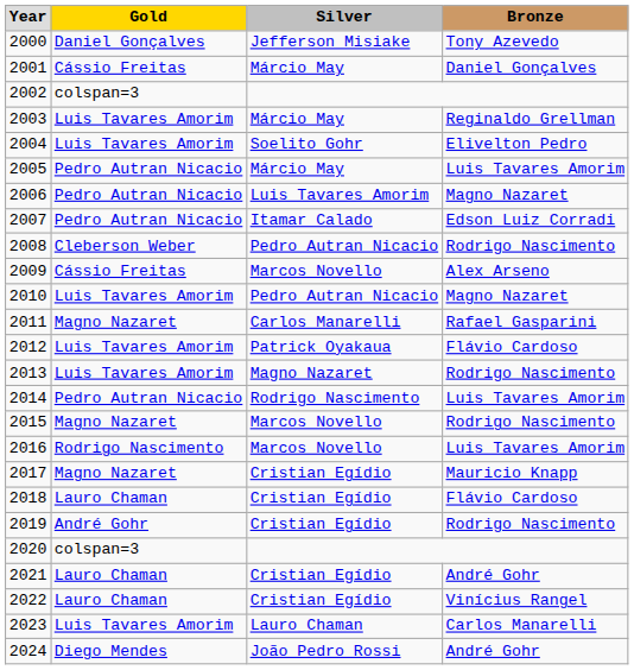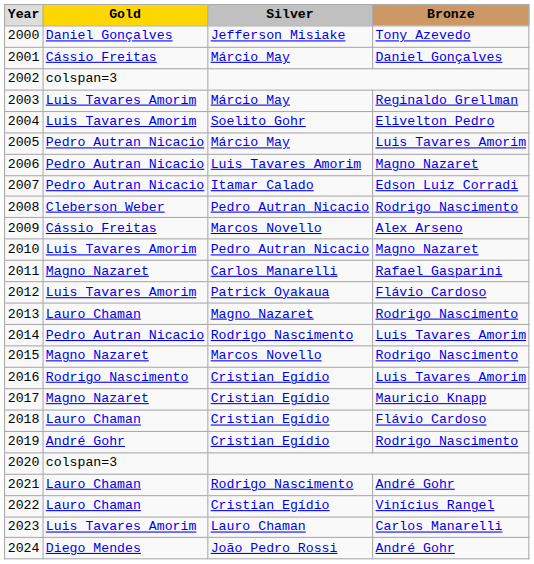 <table class="wikitable sortable alternance" style="font-size:95%">
 <tr style="text-align:center; background:#e4e4e4; font-weight:bold;">
 <td style="background:#ddd; ">Year</td>
 <td style="background:gold; ">Gold</td>
 <td style="background:silver; ">Silver</td>
 <td style="background:#c96; ">Bronze</td>
 </tr>
 <tr>
 <td>2000</td>
 <td><a href='#'>Daniel Gonçalves</a></td>
 <td><a href='#'>Jefferson Misiake</a></td>
 <td><a href='#'>Tony Azevedo </a></td>
 </tr>
 <tr>
 <td>2001</td>
 <td><a href='#'>Cássio Freitas</a></td>
 <td><a href='#'>Márcio May</a></td>
 <td><a href='#'>Daniel Gonçalves</a></td>
 </tr>
 <tr>
 <td>2002</td>
 <td>colspan=3 </td>
 </tr>
 <tr>
 <td>2003</td>
 <td><a href='#'>Luis Tavares Amorim</a></td>
 <td><a href='#'>Márcio May</a></td>
 <td><a href='#'>Reginaldo Grellman</a></td>
 </tr>
 <tr>
 <td>2004</td>
 <td><a href='#'>Luis Tavares Amorim</a></td>
 <td><a href='#'>Soelito Gohr</a></td>
 <td><a href='#'>Elivelton Pedro</a></td>
 </tr>
 <tr>
 <td>2005</td>
 <td><a href='#'>Pedro Autran Nicacio</a></td>
 <td><a href='#'>Márcio May</a></td>
 <td><a href='#'>Luis Tavares Amorim</a></td>
 </tr>
 <tr>
 <td>2006</td>
 <td><a href='#'>Pedro Autran Nicacio</a></td>
 <td><a href='#'>Luis Tavares Amorim</a></td>
 <td><a href='#'>Magno Nazaret</a></td>
 </tr>
 <tr>
 <td>2007</td>
 <td><a href='#'>Pedro Autran Nicacio</a></td>
 <td><a href='#'>Itamar Calado</a></td>
 <td><a href='#'>Edson Luiz Corradi</a></td>
 </tr>
 <tr>
 <td>2008</td>
 <td><a href='#'>Cleberson Weber</a></td>
 <td><a href='#'>Pedro Autran Nicacio</a></td>
 <td><a href='#'>Rodrigo Nascimento</a></td>
 </tr>
 <tr>
 <td>2009</td>
 <td><a href='#'>Cássio Freitas</a></td>
 <td><a href='#'>Marcos Novello </a></td>
 <td><a href='#'>Alex Arseno</a></td>
 </tr>
 <tr>
 <td>2010</td>
 <td><a href='#'>Luis Tavares Amorim</a></td>
 <td><a href='#'>Pedro Autran Nicacio</a></td>
 <td><a href='#'>Magno Nazaret</a></td>
 </tr>
 <tr>
 <td>2011</td>
 <td><a href='#'>Magno Nazaret</a></td>
 <td><a href='#'>Carlos Manarelli</a></td>
 <td><a href='#'>Rafael Gasparini</a></td>
 </tr>
 <tr>
 <td>2012</td>
 <td><a href='#'>Luis Tavares Amorim</a></td>
 <td><a href='#'>Patrick Oyakaua</a></td>
 <td><a href='#'>Flávio Cardoso</a></td>
 </tr>
 <tr>
 <td>2013</td>
-<td><a href='#'>Luis Tavares Amorim</a></td>
+<td><a href='#'>Lauro Chaman</a></td>
 <td><a href='#'>Magno Nazaret</a></td>
 <td><a href='#'>Rodrigo Nascimento</a></td>
 </tr>
 <tr>
 <td>2014</td>
 <td><a href='#'>Pedro Autran Nicacio</a></td>
 <td><a href='#'>Rodrigo Nascimento</a></td>
 <td><a href='#'>Luis Tavares Amorim</a></td>
 </tr>
 <tr>
 <td>2015</td>
 <td><a href='#'>Magno Nazaret</a></td>
 <td><a href='#'>Marcos Novello</a></td>
 <td><a href='#'>Rodrigo Nascimento</a></td>
 </tr>
 <tr>
 <td>2016</td>
 <td><a href='#'>Rodrigo Nascimento</a></td>
-<td><a href='#'>Marcos Novello</a></td>
+<td><a href='#'>Cristian Egídio</a></td>
 <td><a href='#'>Luis Tavares Amorim</a></td>
 </tr>
 <tr>
 <td>2017</td>
 <td><a href='#'>Magno Nazaret</a></td>
 <td><a href='#'>Cristian Egídio</a></td>
 <td><a href='#'>Mauricio Knapp</a></td>
 </tr>
 <tr>
 <td>2018</td>
 <td><a href='#'>Lauro Chaman</a></td>
 <td><a href='#'>Cristian Egídio</a></td>
 <td><a href='#'>Flávio Cardoso</a></td>
 </tr>
 <tr>
 <td>2019</td>
 <td><a href='#'>André Gohr</a></td>
 <td><a href='#'>Cristian Egídio</a></td>
 <td><a href='#'>Rodrigo Nascimento</a></td>
 </tr>
 <tr>
 <td>2020</td>
 <td>colspan=3 </td>
 </tr>
 <tr>
 <td>2021</td>
 <td><a href='#'>Lauro Chaman</a></td>
-<td><a href='#'>Cristian Egídio</a></td>
+<td><a href='#'>Rodrigo Nascimento</a></td>
 <td><a href='#'>André Gohr</a></td>
 </tr>
 <tr>
 <td>2022</td>
 <td><a href='#'>Lauro Chaman</a></td>
 <td><a href='#'>Cristian Egídio</a></td>
 <td><a href='#'>Vinícius Rangel</a></td>
 </tr>
 <tr>
 <td>2023</td>
 <td><a href='#'>Luis Tavares Amorim</a></td>
 <td><a href='#'>Lauro Chaman</a></td>
 <td><a href='#'>Carlos Manarelli</a></td>
 </tr>
 <tr>
 <td>2024</td>
 <td><a href='#'>Diego Mendes</a></td>
 <td><a href='#'>João Pedro Rossi</a></td>
 <td><a href='#'>André Gohr</a></td>
 </tr>
 </table>
